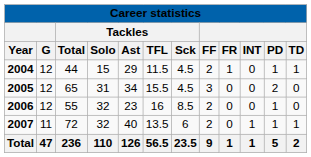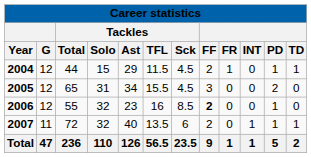 <table class="wikitable">
 <tr bgcolor="#0062AB">
 <td colspan="12" align="center"><span><strong>Career statistics</strong></span></td>
 </tr>
 <tr>
 <th colspan="2" align="center"></th>
 <th colspan="5" align="center"><strong>Tackles</strong></th>
 <th colspan="5" align="center"></th>
 </tr>
 <tr align="center">
 <th>Year</th>
 <th>G</th>
 <th>Total</th>
 <th>Solo</th>
 <th>Ast</th>
 <th>TFL</th>
 <th>Sck</th>
 <th>FF</th>
 <th>FR</th>
 <th>INT</th>
 <th>PD</th>
 <th>TD</th>
 </tr>
 <tr align="center">
 <td><strong>2004</strong></td>
 <td>12</td>
 <td>44</td>
 <td>15</td>
 <td>29</td>
 <td>11.5</td>
 <td>4.5</td>
 <td>2</td>
 <td>1</td>
 <td>0</td>
 <td>1</td>
 <td>1</td>
 </tr>
 <tr align="center">
 <td><strong>2005</strong></td>
 <td>12</td>
 <td>65</td>
 <td>31</td>
 <td>34</td>
 <td>15.5</td>
 <td>4.5</td>
 <td>3</td>
 <td>0</td>
 <td>0</td>
 <td>2</td>
 <td>0</td>
 </tr>
 <tr align="center">
 <td><strong>2006</strong></td>
 <td>12</td>
 <td>55</td>
 <td>32</td>
 <td>23</td>
 <td>16</td>
 <td>8.5</td>
-<td>2</td>
+<td><strong>2</strong></td>
 <td>0</td>
 <td>0</td>
 <td>1</td>
 <td>0</td>
 </tr>
 <tr align="center">
 <td><strong>2007</strong></td>
 <td>11</td>
 <td>72</td>
 <td>32</td>
 <td>40</td>
 <td>13.5</td>
 <td>6</td>
 <td>2</td>
 <td>0</td>
 <td>1</td>
 <td>1</td>
 <td>1</td>
 </tr>
 <tr align="center">
 <th><strong>Total</strong></th>
 <th>47</th>
 <th>236</th>
 <th>110</th>
 <th>126</th>
 <th>56.5</th>
 <th>23.5</th>
 <th>9</th>
 <th>1</th>
 <th>1</th>
 <th>5</th>
 <th>2</th>
 </tr>
 </table>
